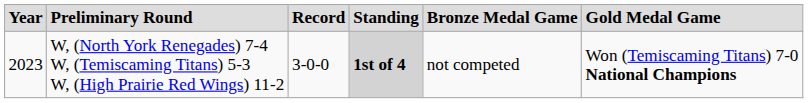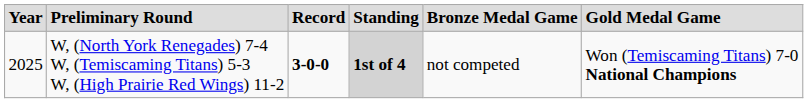 <table class="wikitable">
 <tr style="font-weight:bold; background-color:#dddddd;" |>
 <td>Year</td>
 <td>Preliminary Round</td>
 <td>Record</td>
 <td>Standing</td>
 <td>Bronze Medal Game</td>
 <td>Gold Medal Game</td>
 </tr>
 <tr>
-<td>2023</td>
+<td>2025</td>
 <td>W, (<a href='#'>North York Renegades</a>) 7-4<br>W, (<a href='#'>Temiscaming Titans</a>) 5-3<br>W, (<a href='#'>High Prairie Red Wings</a>) 11-2</td>
-<td>3-0-0</td>
+<td><strong>3-0-0</strong></td>
 <td style="background: lightgrey;"><strong>1st of 4</strong></td>
 <td>not competed</td>
 <td>Won (<a href='#'>Temiscaming Titans</a>) 7-0 <br><strong>National Champions</strong></td>
 </tr>
 </table>
